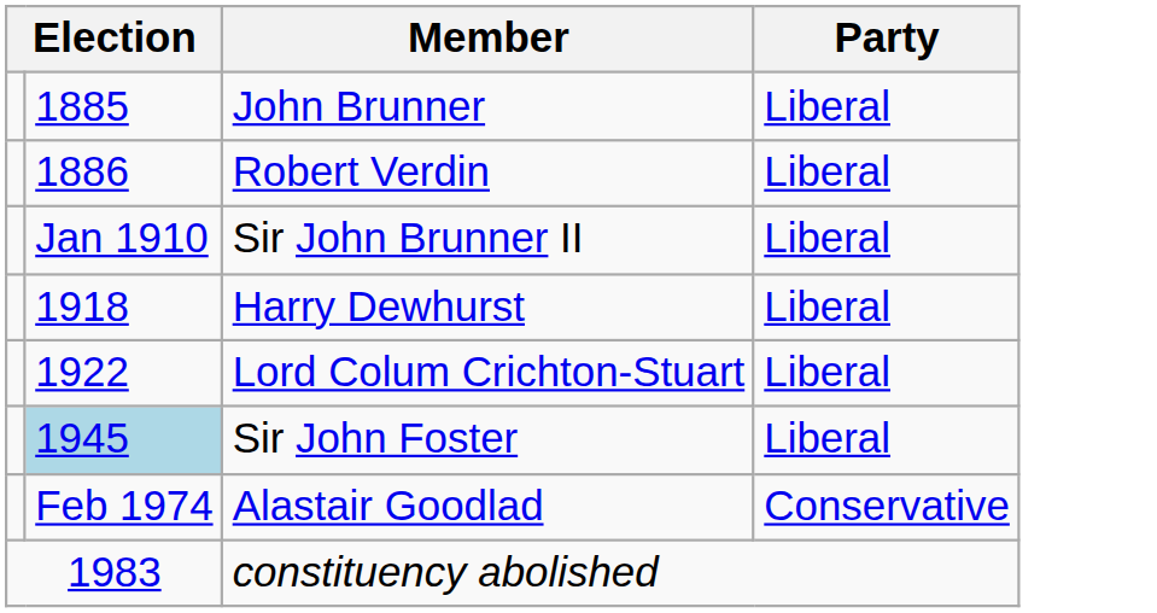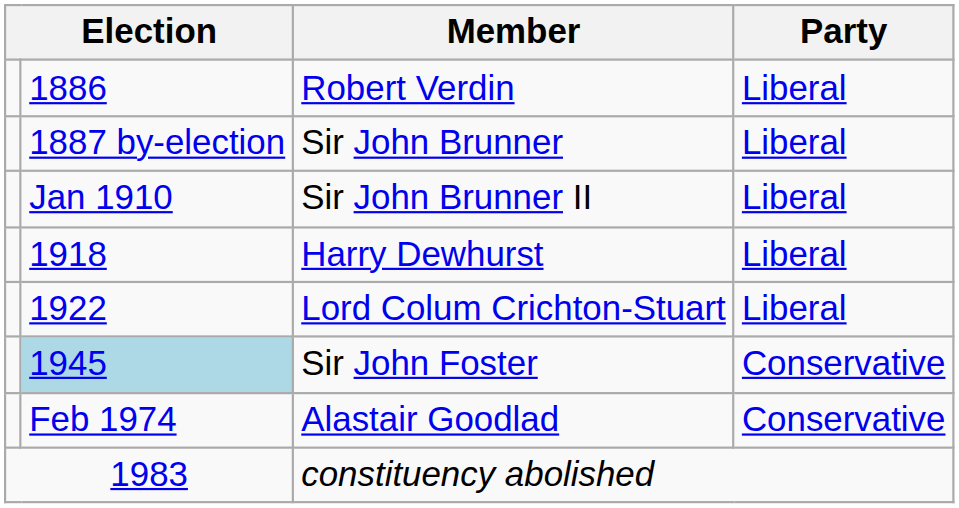 <table class="wikitable">
 <tr>
 <th colspan="2">Election</th>
 <th>Member</th>
 <th>Party</th>
 </tr>
 <tr>
 <td style="color:inherit;background-color: "></td>
-<td><a href='#'>1885</a></td>
-<td><a href='#'>John Brunner</a></td>
+<td><a href='#'>1886</a></td>
+<td><a href='#'>Robert Verdin</a></td>
 <td><a href='#'>Liberal</a></td>
 </tr>
 <tr>
 <td style="color:inherit;background-color: "></td>
-<td><a href='#'>1886</a></td>
-<td><a href='#'>Robert Verdin</a></td>
+<td><a href='#'>1887 by-election</a></td>
+<td>Sir <a href='#'>John Brunner</a></td>
 <td><a href='#'>Liberal</a></td>
 </tr>
 <tr>
 <td style="color:inherit;background-color: "></td>
 <td><a href='#'>Jan 1910</a></td>
 <td>Sir <a href='#'>John Brunner</a> II</td>
 <td><a href='#'>Liberal</a></td>
 </tr>
 <tr>
 <td style="color:inherit;background-color: "></td>
 <td><a href='#'>1918</a></td>
 <td><a href='#'>Harry Dewhurst</a></td>
 <td><a href='#'>Liberal</a></td>
 </tr>
 <tr>
 <td style="color:inherit;background-color: "></td>
 <td><a href='#'>1922</a></td>
 <td><a href='#'>Lord Colum Crichton-Stuart</a></td>
 <td><a href='#'>Liberal</a></td>
 </tr>
 <tr>
 <td style="color:inherit;background-color: "></td>
 <td style="background: lightblue;"><a href='#'>1945</a></td>
 <td>Sir <a href='#'>John Foster</a></td>
-<td><a href='#'>Liberal</a></td>
+<td><a href='#'>Conservative</a></td>
 </tr>
 <tr>
 <td style="color:inherit;background-color: "></td>
 <td><a href='#'>Feb 1974</a></td>
 <td><a href='#'>Alastair Goodlad</a></td>
 <td><a href='#'>Conservative</a></td>
 </tr>
 <tr>
 <td colspan="2" align="center"><a href='#'>1983</a></td>
 <td colspan="2"><em>constituency abolished</em></td>
 </tr>
 </table>
